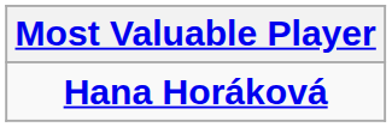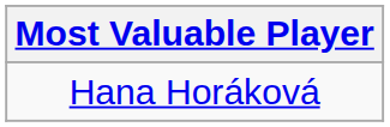 <table class=wikitable style="text-align:center; margin:auto">
 <tr>
 <th><a href='#'>Most Valuable Player</a></th>
 </tr>
 <tr>
-<td><strong> <a href='#'>Hana Horáková</a></strong></td>
+<td> <a href='#'>Hana Horáková</a></td>
 </tr>
 </table>
